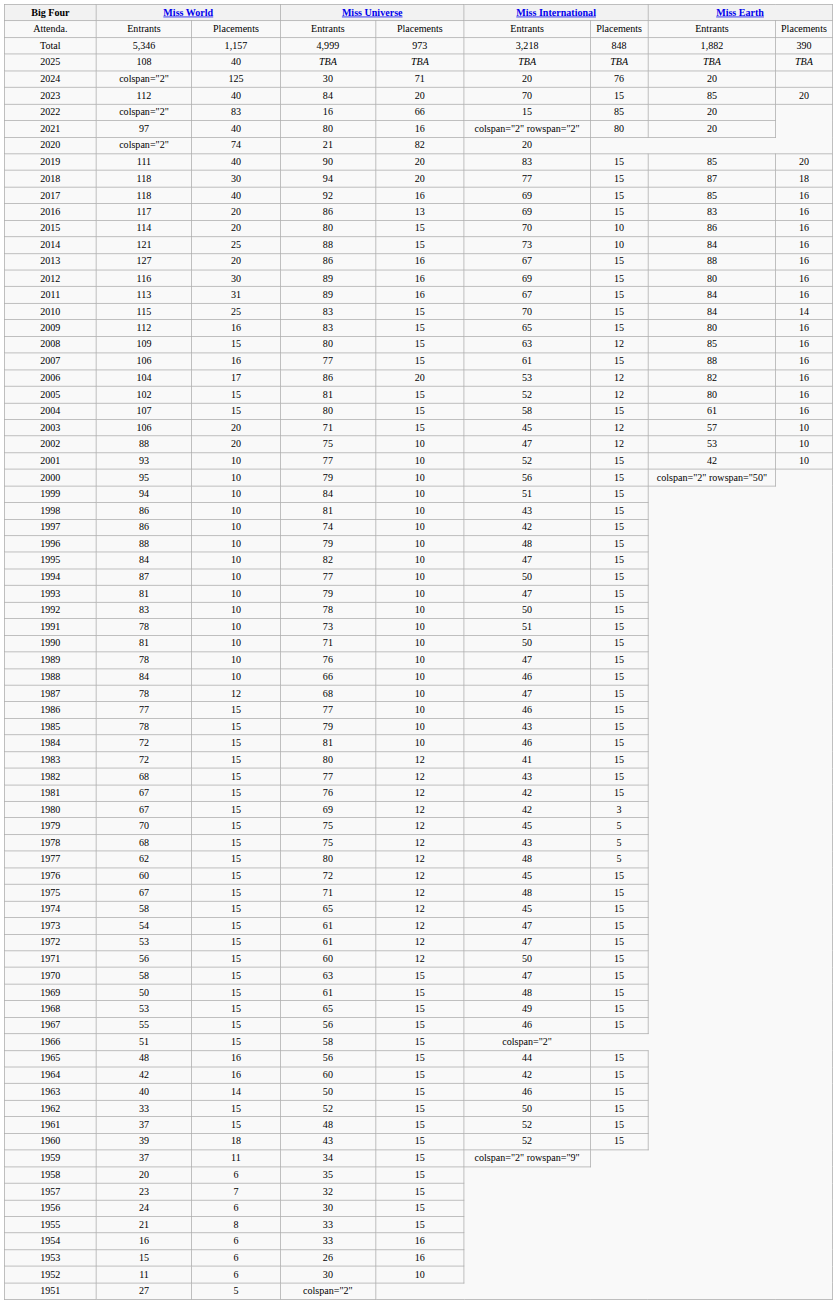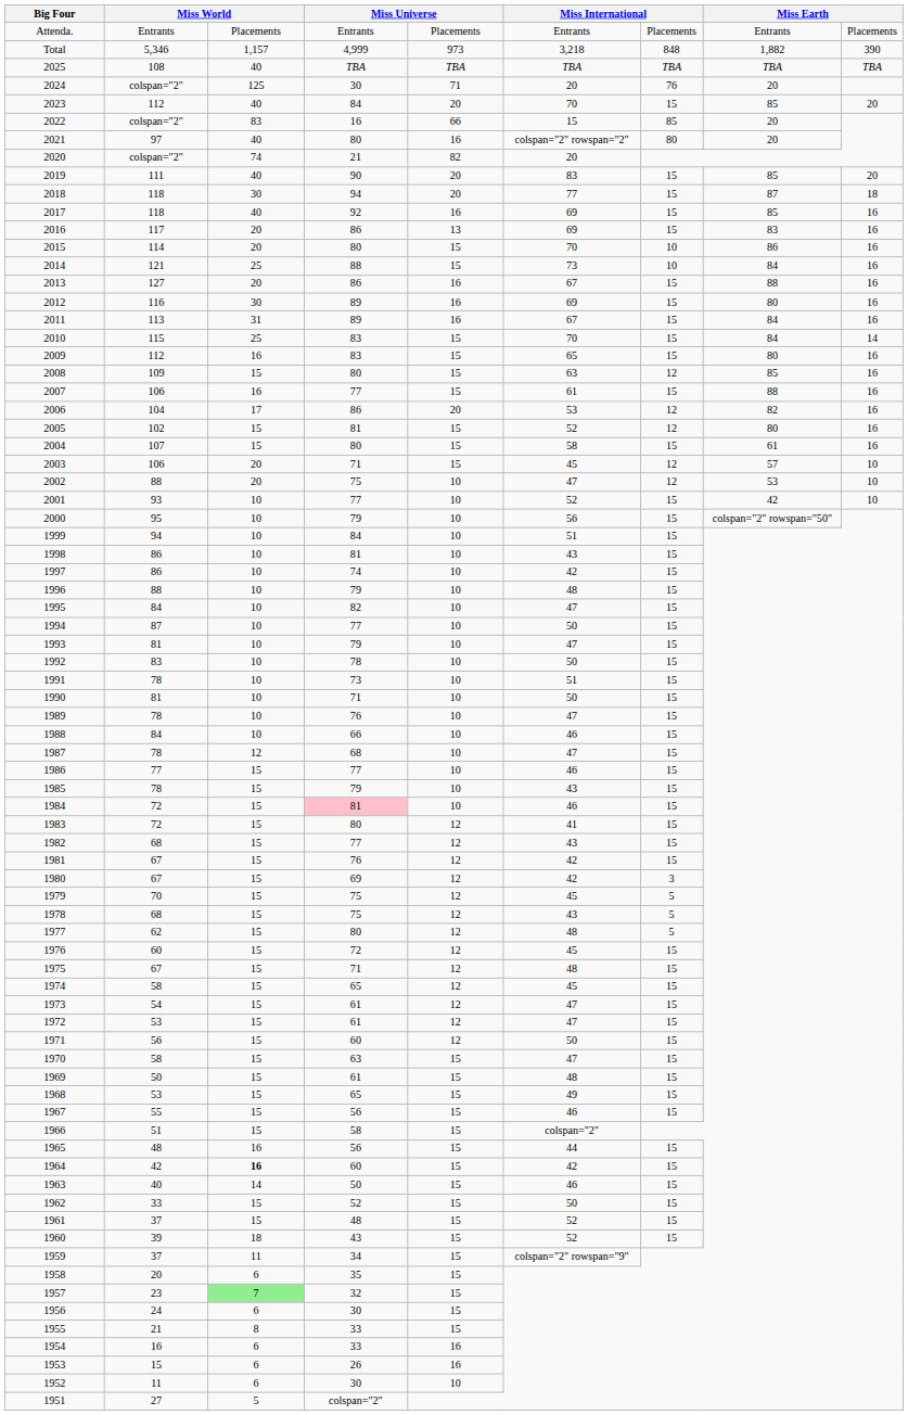 <table class="wikitable sortable" style="font-size: 85%; text-align:center;" |>
 <tr>
 <th style="width:10%;">Big Four</th>
 <th colspan="2" style="width:20%;"><a href='#'>Miss World</a></th>
 <th colspan="2" style="width:20%;"><a href='#'>Miss Universe</a></th>
 <th colspan="2" style="width:20%;"><a href='#'>Miss International</a></th>
 <th colspan="2" style="width:20%;"><a href='#'>Miss Earth</a></th>
 </tr>
 <tr>
 <td>Attenda.</td>
 <td>Entrants</td>
 <td>Placements</td>
 <td>Entrants</td>
 <td>Placements</td>
 <td>Entrants</td>
 <td>Placements</td>
 <td>Entrants</td>
 <td>Placements</td>
 </tr>
 <tr>
 <td>Total</td>
 <td>5,346</td>
 <td>1,157</td>
 <td>4,999</td>
 <td>973</td>
 <td>3,218</td>
 <td>848</td>
 <td>1,882</td>
 <td>390</td>
 </tr>
 <tr>
 <td>2025</td>
 <td>108</td>
 <td>40</td>
 <td><em>TBA</em></td>
 <td><em>TBA</em></td>
 <td><em>TBA</em></td>
 <td><em>TBA</em></td>
 <td><em>TBA</em></td>
 <td><em>TBA</em></td>
 </tr>
 <tr>
 <td>2024</td>
 <td>colspan="2" </td>
 <td>125</td>
 <td>30</td>
 <td>71</td>
 <td>20</td>
 <td>76</td>
 <td>20</td>
 </tr>
 <tr>
 <td>2023</td>
 <td>112</td>
 <td>40</td>
 <td>84</td>
 <td>20</td>
 <td>70</td>
 <td>15</td>
 <td>85</td>
 <td>20</td>
 </tr>
 <tr>
 <td>2022</td>
 <td>colspan="2" </td>
 <td>83</td>
 <td>16</td>
 <td>66</td>
 <td>15</td>
 <td>85</td>
 <td>20</td>
 </tr>
 <tr>
 <td>2021</td>
 <td>97</td>
 <td>40</td>
 <td>80</td>
 <td>16</td>
 <td>colspan="2" rowspan="2" </td>
 <td>80</td>
 <td>20</td>
 </tr>
 <tr>
 <td>2020</td>
 <td>colspan="2" </td>
 <td>74</td>
 <td>21</td>
 <td>82</td>
 <td>20</td>
 </tr>
 <tr>
 <td>2019</td>
 <td>111</td>
 <td>40</td>
 <td>90</td>
 <td>20</td>
 <td>83</td>
 <td>15</td>
 <td>85</td>
 <td>20</td>
 </tr>
 <tr>
 <td>2018</td>
 <td>118</td>
 <td>30</td>
 <td>94</td>
 <td>20</td>
 <td>77</td>
 <td>15</td>
 <td>87</td>
 <td>18</td>
 </tr>
 <tr>
 <td>2017</td>
 <td>118</td>
 <td>40</td>
 <td>92</td>
 <td>16</td>
 <td>69</td>
 <td>15</td>
 <td>85</td>
 <td>16</td>
 </tr>
 <tr>
 <td>2016</td>
 <td>117</td>
 <td>20</td>
 <td>86</td>
 <td>13</td>
 <td>69</td>
 <td>15</td>
 <td>83</td>
 <td>16</td>
 </tr>
 <tr>
 <td>2015</td>
 <td>114</td>
 <td>20</td>
 <td>80</td>
 <td>15</td>
 <td>70</td>
 <td>10</td>
 <td>86</td>
 <td>16</td>
 </tr>
 <tr>
 <td>2014</td>
 <td>121</td>
 <td>25</td>
 <td>88</td>
 <td>15</td>
 <td>73</td>
 <td>10</td>
 <td>84</td>
 <td>16</td>
 </tr>
 <tr>
 <td>2013</td>
 <td>127</td>
 <td>20</td>
 <td>86</td>
 <td>16</td>
 <td>67</td>
 <td>15</td>
 <td>88</td>
 <td>16</td>
 </tr>
 <tr>
 <td>2012</td>
 <td>116</td>
 <td>30</td>
 <td>89</td>
 <td>16</td>
 <td>69</td>
 <td>15</td>
 <td>80</td>
 <td>16</td>
 </tr>
 <tr>
 <td>2011</td>
 <td>113</td>
 <td>31</td>
 <td>89</td>
 <td>16</td>
 <td>67</td>
 <td>15</td>
 <td>84</td>
 <td>16</td>
 </tr>
 <tr>
 <td>2010</td>
 <td>115</td>
 <td>25</td>
 <td>83</td>
 <td>15</td>
 <td>70</td>
 <td>15</td>
 <td>84</td>
 <td>14</td>
 </tr>
 <tr>
 <td>2009</td>
 <td>112</td>
 <td>16</td>
 <td>83</td>
 <td>15</td>
 <td>65</td>
 <td>15</td>
 <td>80</td>
 <td>16</td>
 </tr>
 <tr>
 <td>2008</td>
 <td>109</td>
 <td>15</td>
 <td>80</td>
 <td>15</td>
 <td>63</td>
 <td>12</td>
 <td>85</td>
 <td>16</td>
 </tr>
 <tr>
 <td>2007</td>
 <td>106</td>
 <td>16</td>
 <td>77</td>
 <td>15</td>
 <td>61</td>
 <td>15</td>
 <td>88</td>
 <td>16</td>
 </tr>
 <tr>
 <td>2006</td>
 <td>104</td>
 <td>17</td>
 <td>86</td>
 <td>20</td>
 <td>53</td>
 <td>12</td>
 <td>82</td>
 <td>16</td>
 </tr>
 <tr>
 <td>2005</td>
 <td>102</td>
 <td>15</td>
 <td>81</td>
 <td>15</td>
 <td>52</td>
 <td>12</td>
 <td>80</td>
 <td>16</td>
 </tr>
 <tr>
 <td>2004</td>
 <td>107</td>
 <td>15</td>
 <td>80</td>
 <td>15</td>
 <td>58</td>
 <td>15</td>
 <td>61</td>
 <td>16</td>
 </tr>
 <tr>
 <td>2003</td>
 <td>106</td>
 <td>20</td>
 <td>71</td>
 <td>15</td>
 <td>45</td>
 <td>12</td>
 <td>57</td>
 <td>10</td>
 </tr>
 <tr>
 <td>2002</td>
 <td>88</td>
 <td>20</td>
 <td>75</td>
 <td>10</td>
 <td>47</td>
 <td>12</td>
 <td>53</td>
 <td>10</td>
 </tr>
 <tr>
 <td>2001</td>
 <td>93</td>
 <td>10</td>
 <td>77</td>
 <td>10</td>
 <td>52</td>
 <td>15</td>
 <td>42</td>
 <td>10</td>
 </tr>
 <tr>
 <td>2000</td>
 <td>95</td>
 <td>10</td>
 <td>79</td>
 <td>10</td>
 <td>56</td>
 <td>15</td>
 <td>colspan="2" rowspan="50" </td>
 </tr>
 <tr>
 <td>1999</td>
 <td>94</td>
 <td>10</td>
 <td>84</td>
 <td>10</td>
 <td>51</td>
 <td>15</td>
 </tr>
 <tr>
 <td>1998</td>
 <td>86</td>
 <td>10</td>
 <td>81</td>
 <td>10</td>
 <td>43</td>
 <td>15</td>
 </tr>
 <tr>
 <td>1997</td>
 <td>86</td>
 <td>10</td>
 <td>74</td>
 <td>10</td>
 <td>42</td>
 <td>15</td>
 </tr>
 <tr>
 <td>1996</td>
 <td>88</td>
 <td>10</td>
 <td>79</td>
 <td>10</td>
 <td>48</td>
 <td>15</td>
 </tr>
 <tr>
 <td>1995</td>
 <td>84</td>
 <td>10</td>
 <td>82</td>
 <td>10</td>
 <td>47</td>
 <td>15</td>
 </tr>
 <tr>
 <td>1994</td>
 <td>87</td>
 <td>10</td>
 <td>77</td>
 <td>10</td>
 <td>50</td>
 <td>15</td>
 </tr>
 <tr>
 <td>1993</td>
 <td>81</td>
 <td>10</td>
 <td>79</td>
 <td>10</td>
 <td>47</td>
 <td>15</td>
 </tr>
 <tr>
 <td>1992</td>
 <td>83</td>
 <td>10</td>
 <td>78</td>
 <td>10</td>
 <td>50</td>
 <td>15</td>
 </tr>
 <tr>
 <td>1991</td>
 <td>78</td>
 <td>10</td>
 <td>73</td>
 <td>10</td>
 <td>51</td>
 <td>15</td>
 </tr>
 <tr>
 <td>1990</td>
 <td>81</td>
 <td>10</td>
 <td>71</td>
 <td>10</td>
 <td>50</td>
 <td>15</td>
 </tr>
 <tr>
 <td>1989</td>
 <td>78</td>
 <td>10</td>
 <td>76</td>
 <td>10</td>
 <td>47</td>
 <td>15</td>
 </tr>
 <tr>
 <td>1988</td>
 <td>84</td>
 <td>10</td>
 <td>66</td>
 <td>10</td>
 <td>46</td>
 <td>15</td>
 </tr>
 <tr>
 <td>1987</td>
 <td>78</td>
 <td>12</td>
 <td>68</td>
 <td>10</td>
 <td>47</td>
 <td>15</td>
 </tr>
 <tr>
 <td>1986</td>
 <td>77</td>
 <td>15</td>
 <td>77</td>
 <td>10</td>
 <td>46</td>
 <td>15</td>
 </tr>
 <tr>
 <td>1985</td>
 <td>78</td>
 <td>15</td>
 <td>79</td>
 <td>10</td>
 <td>43</td>
 <td>15</td>
 </tr>
 <tr>
 <td>1984</td>
 <td>72</td>
 <td>15</td>
-<td>81</td>
+<td style="background: pink;">81</td>
 <td>10</td>
 <td>46</td>
 <td>15</td>
 </tr>
 <tr>
 <td>1983</td>
 <td>72</td>
 <td>15</td>
 <td>80</td>
 <td>12</td>
 <td>41</td>
 <td>15</td>
 </tr>
 <tr>
 <td>1982</td>
 <td>68</td>
 <td>15</td>
 <td>77</td>
 <td>12</td>
 <td>43</td>
 <td>15</td>
 </tr>
 <tr>
 <td>1981</td>
 <td>67</td>
 <td>15</td>
 <td>76</td>
 <td>12</td>
 <td>42</td>
 <td>15</td>
 </tr>
 <tr>
 <td>1980</td>
 <td>67</td>
 <td>15</td>
 <td>69</td>
 <td>12</td>
 <td>42</td>
 <td>3</td>
 </tr>
 <tr>
 <td>1979</td>
 <td>70</td>
 <td>15</td>
 <td>75</td>
 <td>12</td>
 <td>45</td>
 <td>5</td>
 </tr>
 <tr>
 <td>1978</td>
 <td>68</td>
 <td>15</td>
 <td>75</td>
 <td>12</td>
 <td>43</td>
 <td>5</td>
 </tr>
 <tr>
 <td>1977</td>
 <td>62</td>
 <td>15</td>
 <td>80</td>
 <td>12</td>
 <td>48</td>
 <td>5</td>
 </tr>
 <tr>
 <td>1976</td>
 <td>60</td>
 <td>15</td>
 <td>72</td>
 <td>12</td>
 <td>45</td>
 <td>15</td>
 </tr>
 <tr>
 <td>1975</td>
 <td>67</td>
 <td>15</td>
 <td>71</td>
 <td>12</td>
 <td>48</td>
 <td>15</td>
 </tr>
 <tr>
 <td>1974</td>
 <td>58</td>
 <td>15</td>
 <td>65</td>
 <td>12</td>
 <td>45</td>
 <td>15</td>
 </tr>
 <tr>
 <td>1973</td>
 <td>54</td>
 <td>15</td>
 <td>61</td>
 <td>12</td>
 <td>47</td>
 <td>15</td>
 </tr>
 <tr>
 <td>1972</td>
 <td>53</td>
 <td>15</td>
 <td>61</td>
 <td>12</td>
 <td>47</td>
 <td>15</td>
 </tr>
 <tr>
 <td>1971</td>
 <td>56</td>
 <td>15</td>
 <td>60</td>
 <td>12</td>
 <td>50</td>
 <td>15</td>
 </tr>
 <tr>
 <td>1970</td>
 <td>58</td>
 <td>15</td>
 <td>63</td>
 <td>15</td>
 <td>47</td>
 <td>15</td>
 </tr>
 <tr>
 <td>1969</td>
 <td>50</td>
 <td>15</td>
 <td>61</td>
 <td>15</td>
 <td>48</td>
 <td>15</td>
 </tr>
 <tr>
 <td>1968</td>
 <td>53</td>
 <td>15</td>
 <td>65</td>
 <td>15</td>
 <td>49</td>
 <td>15</td>
 </tr>
 <tr>
 <td>1967</td>
 <td>55</td>
 <td>15</td>
 <td>56</td>
 <td>15</td>
 <td>46</td>
 <td>15</td>
 </tr>
 <tr>
 <td>1966</td>
 <td>51</td>
 <td>15</td>
 <td>58</td>
 <td>15</td>
 <td>colspan="2" </td>
 </tr>
 <tr>
 <td>1965</td>
 <td>48</td>
 <td>16</td>
 <td>56</td>
 <td>15</td>
 <td>44</td>
 <td>15</td>
 </tr>
 <tr>
 <td>1964</td>
 <td>42</td>
-<td>16</td>
+<td><strong>16</strong></td>
 <td>60</td>
 <td>15</td>
 <td>42</td>
 <td>15</td>
 </tr>
 <tr>
 <td>1963</td>
 <td>40</td>
 <td>14</td>
 <td>50</td>
 <td>15</td>
 <td>46</td>
 <td>15</td>
 </tr>
 <tr>
 <td>1962</td>
 <td>33</td>
 <td>15</td>
 <td>52</td>
 <td>15</td>
 <td>50</td>
 <td>15</td>
 </tr>
 <tr>
 <td>1961</td>
 <td>37</td>
 <td>15</td>
 <td>48</td>
 <td>15</td>
 <td>52</td>
 <td>15</td>
 </tr>
 <tr>
 <td>1960</td>
 <td>39</td>
 <td>18</td>
 <td>43</td>
 <td>15</td>
 <td>52</td>
 <td>15</td>
 </tr>
 <tr>
 <td>1959</td>
 <td>37</td>
 <td>11</td>
 <td>34</td>
 <td>15</td>
 <td>colspan="2" rowspan="9" </td>
 </tr>
 <tr>
 <td>1958</td>
 <td>20</td>
 <td>6</td>
 <td>35</td>
 <td>15</td>
 </tr>
 <tr>
 <td>1957</td>
 <td>23</td>
-<td>7</td>
+<td style="background: lightgreen;">7</td>
 <td>32</td>
 <td>15</td>
 </tr>
 <tr>
 <td>1956</td>
 <td>24</td>
 <td>6</td>
 <td>30</td>
 <td>15</td>
 </tr>
 <tr>
 <td>1955</td>
 <td>21</td>
 <td>8</td>
 <td>33</td>
 <td>15</td>
 </tr>
 <tr>
 <td>1954</td>
 <td>16</td>
 <td>6</td>
 <td>33</td>
 <td>16</td>
 </tr>
 <tr>
 <td>1953</td>
 <td>15</td>
 <td>6</td>
 <td>26</td>
 <td>16</td>
 </tr>
 <tr>
 <td>1952</td>
 <td>11</td>
 <td>6</td>
 <td>30</td>
 <td>10</td>
 </tr>
 <tr>
 <td>1951</td>
 <td>27</td>
 <td>5</td>
 <td>colspan="2" </td>
 </tr>
 </table>
